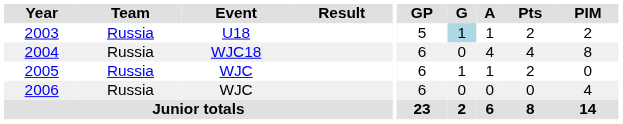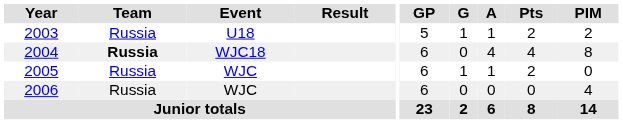 <table border="0" cellpadding="1" cellspacing="0" ID="Table3" style="text-align:center; width:40em">
 <tr ALIGN="center" bgcolor="#e0e0e0">
 <th>Year</th>
 <th>Team</th>
 <th>Event</th>
 <th>Result</th>
 <th rowspan="99" bgcolor="#ffffff"></th>
 <th>GP</th>
 <th>G</th>
 <th>A</th>
 <th>Pts</th>
 <th>PIM</th>
 </tr>
 <tr>
 <td><a href='#'>2003</a></td>
 <td><a href='#'>Russia</a></td>
 <td><a href='#'>U18</a></td>
 <td></td>
 <td>5</td>
-<td style="background: lightblue;">1</td>
+<td>1</td>
 <td>1</td>
 <td>2</td>
 <td>2</td>
 </tr>
 <tr bgcolor="#f0f0f0">
 <td><a href='#'>2004</a></td>
-<td>Russia</td>
+<td><strong>Russia</strong></td>
 <td><a href='#'>WJC18</a></td>
 <td></td>
 <td>6</td>
 <td>0</td>
 <td>4</td>
 <td>4</td>
 <td>8</td>
 </tr>
 <tr>
 <td><a href='#'>2005</a></td>
 <td><a href='#'>Russia</a></td>
 <td><a href='#'>WJC</a></td>
 <td></td>
 <td>6</td>
 <td>1</td>
 <td>1</td>
 <td>2</td>
 <td>0</td>
 </tr>
 <tr bgcolor="#f0f0f0">
 <td><a href='#'>2006</a></td>
 <td>Russia</td>
 <td>WJC</td>
 <td></td>
 <td>6</td>
 <td>0</td>
 <td>0</td>
 <td>0</td>
 <td>4</td>
 </tr>
 <tr bgcolor="#e0e0e0">
 <th colspan="4">Junior totals</th>
 <th>23</th>
 <th>2</th>
 <th>6</th>
 <th>8</th>
 <th>14</th>
 </tr>
 </table>
